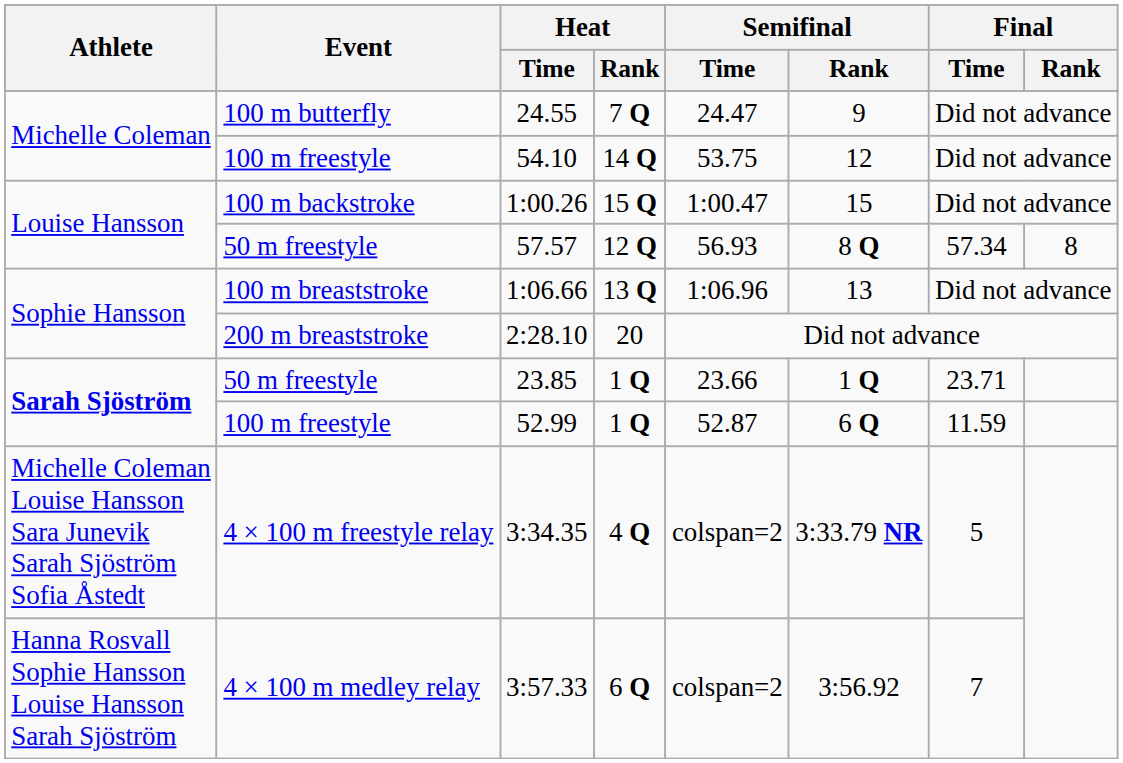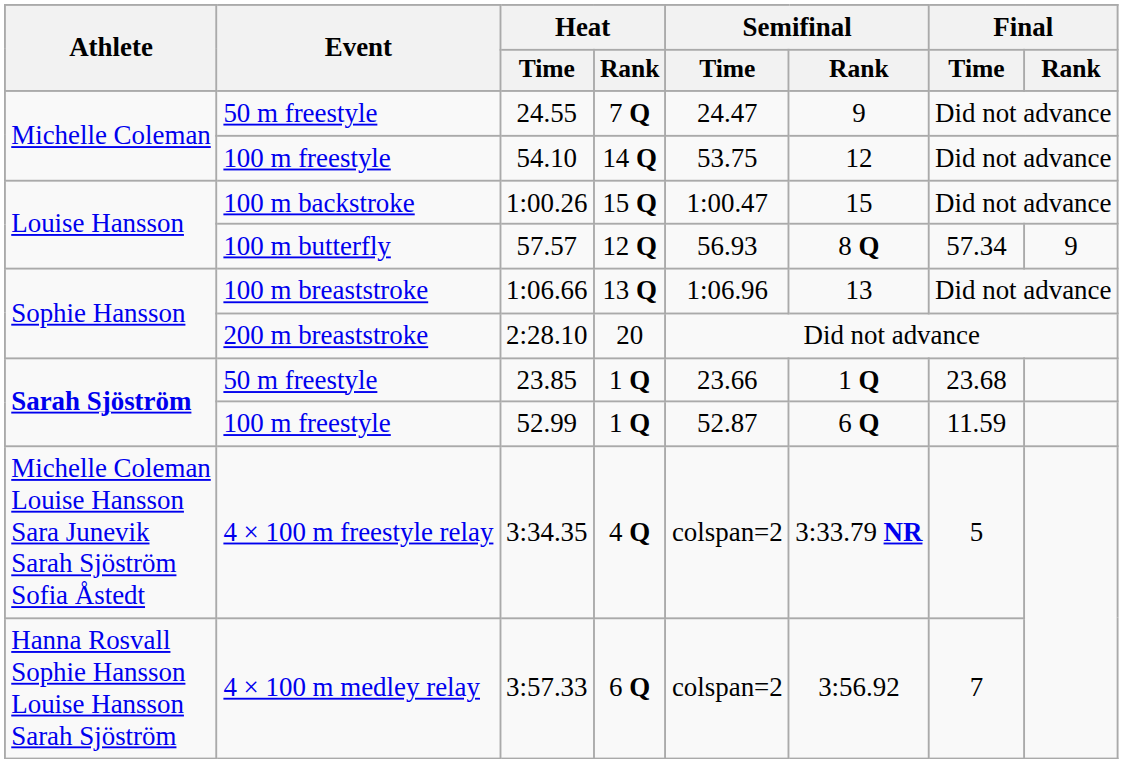 <table class=wikitable style="font-size:90%;">
 <tr>
 <th rowspan=2>Athlete</th>
 <th rowspan=2>Event</th>
 <th colspan=2>Heat</th>
 <th colspan=2>Semifinal</th>
 <th colspan=2>Final</th>
 </tr>
 <tr style="font-size:95%">
 <th>Time</th>
 <th>Rank</th>
 <th>Time</th>
 <th>Rank</th>
 <th>Time</th>
 <th>Rank</th>
 </tr>
 <tr align=center>
 <td align=left rowspan=2><a href='#'>Michelle Coleman</a></td>
-<td align=left><a href='#'>100 m butterfly</a></td>
+<td align=left><a href='#'>50 m freestyle</a></td>
 <td>24.55</td>
 <td>7 <strong>Q</strong></td>
 <td>24.47</td>
 <td>9</td>
 <td colspan=2>Did not advance</td>
 </tr>
 <tr align=center>
 <td align=left><a href='#'>100 m freestyle</a></td>
 <td>54.10</td>
 <td>14 <strong>Q</strong></td>
 <td>53.75</td>
 <td>12</td>
 <td colspan=2>Did not advance</td>
 </tr>
 <tr align=center>
 <td align=left rowspan=2><a href='#'>Louise Hansson</a></td>
 <td align=left><a href='#'>100 m backstroke</a></td>
 <td>1:00.26</td>
 <td>15 <strong>Q</strong></td>
 <td>1:00.47</td>
 <td>15</td>
 <td colspan=2>Did not advance</td>
 </tr>
 <tr align=center>
-<td align=left><a href='#'>50 m freestyle</a></td>
+<td align=left><a href='#'>100 m butterfly</a></td>
 <td>57.57</td>
 <td>12 <strong>Q</strong></td>
 <td>56.93</td>
 <td>8 <strong>Q</strong></td>
 <td>57.34</td>
-<td>8</td>
+<td>9</td>
 </tr>
 <tr align=center>
 <td align=left rowspan=2><a href='#'>Sophie Hansson</a></td>
 <td align=left><a href='#'>100 m breaststroke</a></td>
 <td>1:06.66</td>
 <td>13 <strong>Q</strong></td>
 <td>1:06.96</td>
 <td>13</td>
 <td colspan=2>Did not advance</td>
 </tr>
 <tr align=center>
 <td align=left><a href='#'>200 m breaststroke</a></td>
 <td>2:28.10</td>
 <td>20</td>
 <td colspan=4>Did not advance</td>
 </tr>
 <tr align=center>
 <td align=left rowspan=2><strong><a href='#'>Sarah Sjöström</a></strong></td>
 <td align=left><a href='#'>50 m freestyle</a></td>
 <td>23.85</td>
 <td>1 <strong>Q</strong></td>
 <td>23.66 </td>
 <td>1 <strong>Q</strong></td>
-<td>23.71</td>
+<td>23.68</td>
 <td></td>
 </tr>
 <tr align=center>
 <td align=left><a href='#'>100 m freestyle</a></td>
 <td>52.99</td>
 <td>1 <strong>Q</strong></td>
 <td>52.87</td>
 <td>6 <strong>Q</strong></td>
 <td>11.59</td>
 <td></td>
 </tr>
 <tr align=center>
 <td align=left><a href='#'>Michelle Coleman</a><br><a href='#'>Louise Hansson</a><br><a href='#'>Sara Junevik</a><br><a href='#'>Sarah Sjöström</a><br><a href='#'>Sofia Åstedt</a></td>
 <td align=left><a href='#'>4 × 100 m freestyle relay</a></td>
 <td>3:34.35</td>
 <td>4 <strong>Q</strong></td>
 <td>colspan=2 </td>
 <td>3:33.79 <strong><a href='#'>NR</a></strong></td>
 <td>5</td>
 </tr>
 <tr align=center>
 <td align=left><a href='#'>Hanna Rosvall</a><br><a href='#'>Sophie Hansson</a><br><a href='#'>Louise Hansson</a><br><a href='#'>Sarah Sjöström</a></td>
 <td align=left><a href='#'>4 × 100 m medley relay</a></td>
 <td>3:57.33</td>
 <td>6 <strong>Q</strong></td>
 <td>colspan=2 </td>
 <td>3:56.92</td>
 <td>7</td>
 </tr>
 </table>
